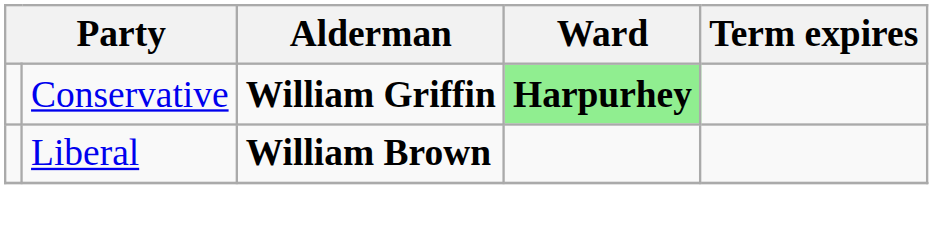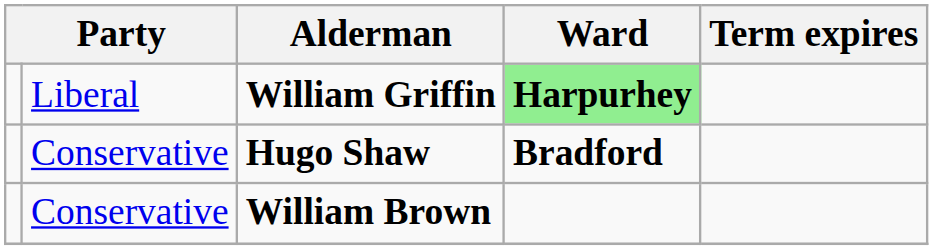 <table class="wikitable">
 <tr>
 <th colspan="2">Party</th>
 <th>Alderman</th>
 <th>Ward</th>
 <th>Term expires</th>
 </tr>
 <tr>
 <td style="background-color:"></td>
-<td><a href='#'>Conservative</a></td>
+<td><a href='#'>Liberal</a></td>
 <td><strong>William Griffin</strong></td>
 <td style="background: lightgreen;"><strong>Harpurhey</strong></td>
 <td></td>
 </tr>
 <tr>
 <td style="background-color:"></td>
-<td><a href='#'>Liberal</a></td>
+<td><a href='#'>Conservative</a></td>
+<td><strong>Hugo Shaw</strong></td>
+<td><strong>Bradford</strong></td>
+<td></td>
+</tr>
+<tr>
+<td style="background-color:"></td>
+<td><a href='#'>Conservative</a></td>
 <td><strong>William Brown</strong></td>
 <td><strong> </strong></td>
 <td></td>
 </tr>
 <tr>
 </tr>
 </table>
